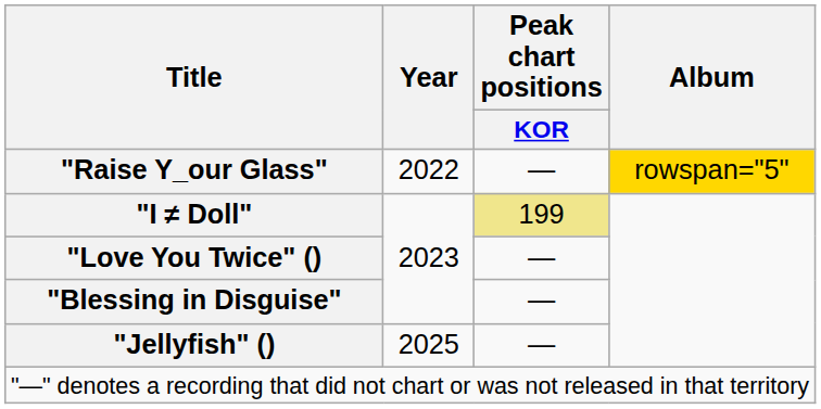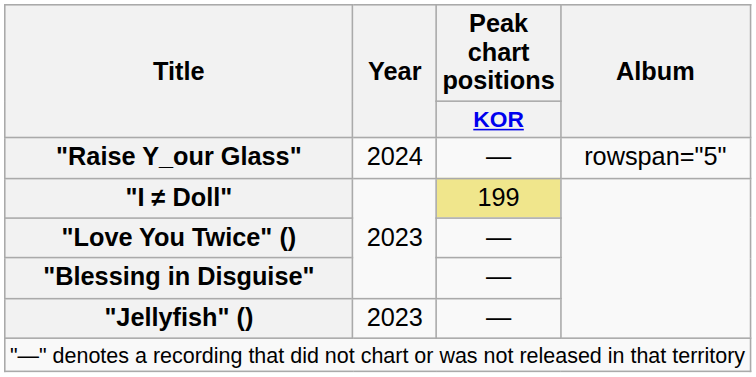 <table class="wikitable plainrowheaders" style="text-align:center">
 <tr>
 <th scope="col" rowspan="2">Title</th>
 <th scope="col" rowspan="2">Year</th>
 <th scope="col">Peak chart positions</th>
 <th scope="col" rowspan="2">Album</th>
 </tr>
 <tr>
 <th scope="col" style="font-size:90%; width:2.75em"><a href='#'>KOR</a><br></th>
 </tr>
 <tr>
 <th scope="row">"Raise Y_our Glass"</th>
-<td>2022</td>
+<td>2024</td>
 <td>—</td>
-<td style="background: gold;">rowspan="5" </td>
+<td>rowspan="5" </td>
 </tr>
 <tr>
 <th scope="row">"I ≠ Doll"</th>
 <td rowspan="3">2023</td>
 <td style="background: khaki;">199</td>
 </tr>
 <tr>
 <th scope="row">"Love You Twice" ()</th>
 <td>—</td>
 </tr>
 <tr>
 <th scope="row">"Blessing in Disguise"</th>
 <td>—</td>
 </tr>
 <tr>
 <th scope="row">"Jellyfish" ()</th>
-<td>2025</td>
+<td>2023</td>
 <td>—</td>
 </tr>
 <tr>
 <td colspan="4" style="font-size:85%">"—" denotes a recording that did not chart or was not released in that territory</td>
 </tr>
 </table>
